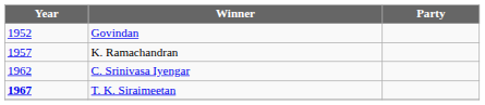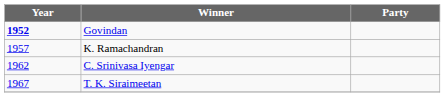 <table class="wikitable" width="50%">
 <tr>
 <th style="background-color:#666666; color:white">Year</th>
 <th style="background-color:#666666; color:white">Winner</th>
 <th style="background-color:#666666; color:white" colspan="2">Party</th>
 </tr>
 <tr>
-<td><a href='#'>1952</a></td>
+<td><strong><a href='#'>1952</a></strong></td>
 <td><a href='#'>Govindan</a></td>
 <td></td>
 </tr>
 <tr>
 <td><a href='#'>1957</a></td>
 <td>K. Ramachandran</td>
 <td></td>
 </tr>
 <tr>
 <td><a href='#'>1962</a></td>
 <td><a href='#'>C. Srinivasa Iyengar</a></td>
 <td></td>
 </tr>
 <tr>
-<td><strong><a href='#'>1967</a></strong></td>
+<td><a href='#'>1967</a></td>
 <td><a href='#'>T. K. Siraimeetan</a></td>
 <td></td>
 </tr>
 <tr>
 </tr>
 </table>
